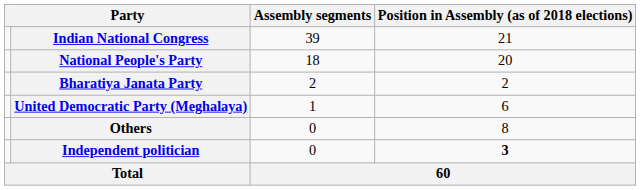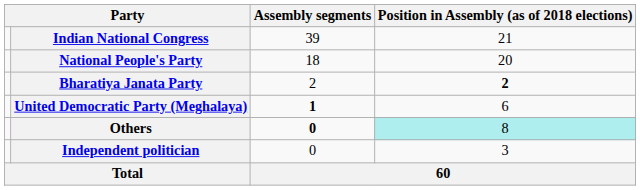 <table class="wikitable" style="text-align:center">
 <tr>
 <th colspan=2>Party</th>
 <th>Assembly segments</th>
 <th>Position in Assembly (as of 2018 elections)</th>
 </tr>
 <tr>
 <td></td>
 <th><a href='#'>Indian National Congress</a></th>
 <td>39</td>
 <td>21</td>
 </tr>
 <tr>
 <td></td>
 <th><a href='#'>National People's Party</a></th>
 <td>18</td>
 <td>20</td>
 </tr>
 <tr>
 <td></td>
 <th><a href='#'>Bharatiya Janata Party</a></th>
 <td>2</td>
-<td>2</td>
+<td><strong>2</strong></td>
 </tr>
 <tr>
 <td></td>
 <th><a href='#'>United Democratic Party (Meghalaya)</a></th>
-<td>1</td>
+<td><strong>1</strong></td>
 <td>6</td>
 </tr>
 <tr>
 <td bgcolor=#FAF8FA></td>
 <th>Others</th>
-<td>0</td>
-<td>8</td>
+<td><strong>0</strong></td>
+<td style="background: paleturquoise;">8</td>
 </tr>
 <tr>
 <td></td>
 <th><a href='#'>Independent politician</a></th>
 <td>0</td>
-<td><strong>3</strong></td>
+<td>3</td>
 </tr>
 <tr>
 <th colspan=2>Total</th>
 <th colspan=2>60</th>
 </tr>
 </table>
